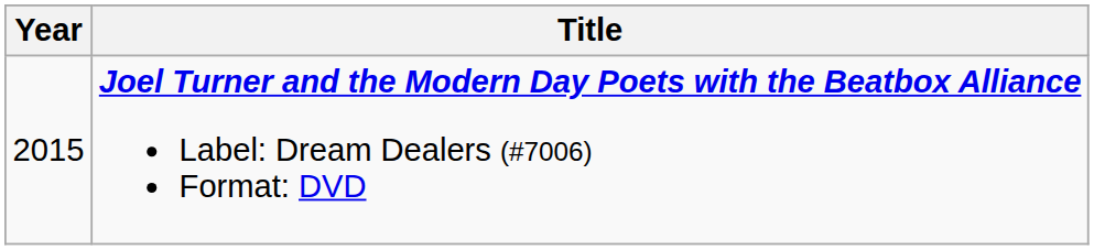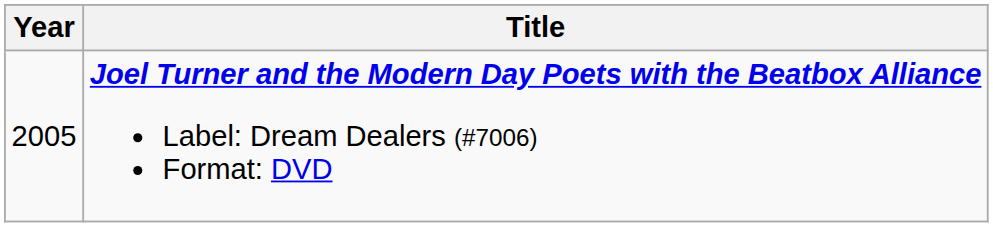 <table class="wikitable">
 <tr>
 <th scope="col">Year</th>
 <th scope="col">Title</th>
 </tr>
 <tr>
-<td>2015</td>
+<td>2005</td>
 <td align="left"><strong><em><a href='#'>Joel Turner and the Modern Day Poets with the Beatbox Alliance</a></em></strong><br><ul><li>Label: Dream Dealers <small>(#7006)</small></li><li>Format: <a href='#'>DVD</a></li></ul></td>
 </tr>
 </table>
